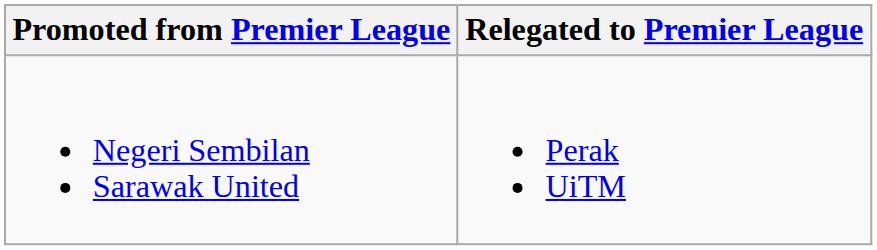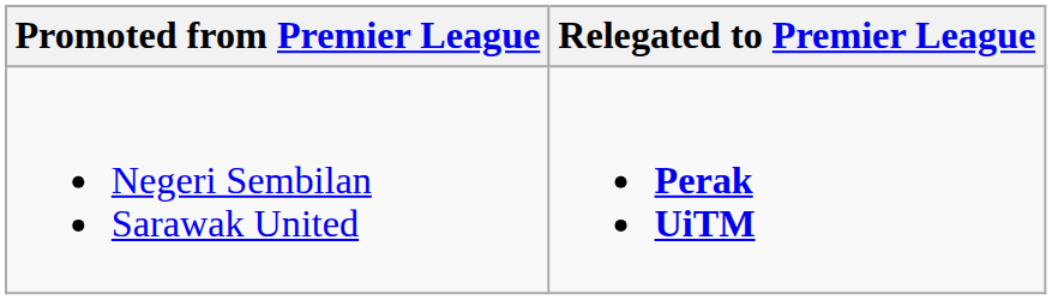 <table class="wikitable">
 <tr>
 <th> Promoted from <a href='#'>Premier League</a></th>
 <th> Relegated to <a href='#'>Premier League</a></th>
 </tr>
 <tr>
 <td><br><ul><li><a href='#'>Negeri Sembilan</a></li><li><a href='#'>Sarawak United</a></li></ul></td>
-<td><br><ul><li><a href='#'>Perak</a></li><li><a href='#'>UiTM</a></li></ul></td>
+<td><strong><br><ul><li><a href='#'>Perak</a></li><li><a href='#'>UiTM</a></li></ul></strong></td>
 </tr>
 </table>
